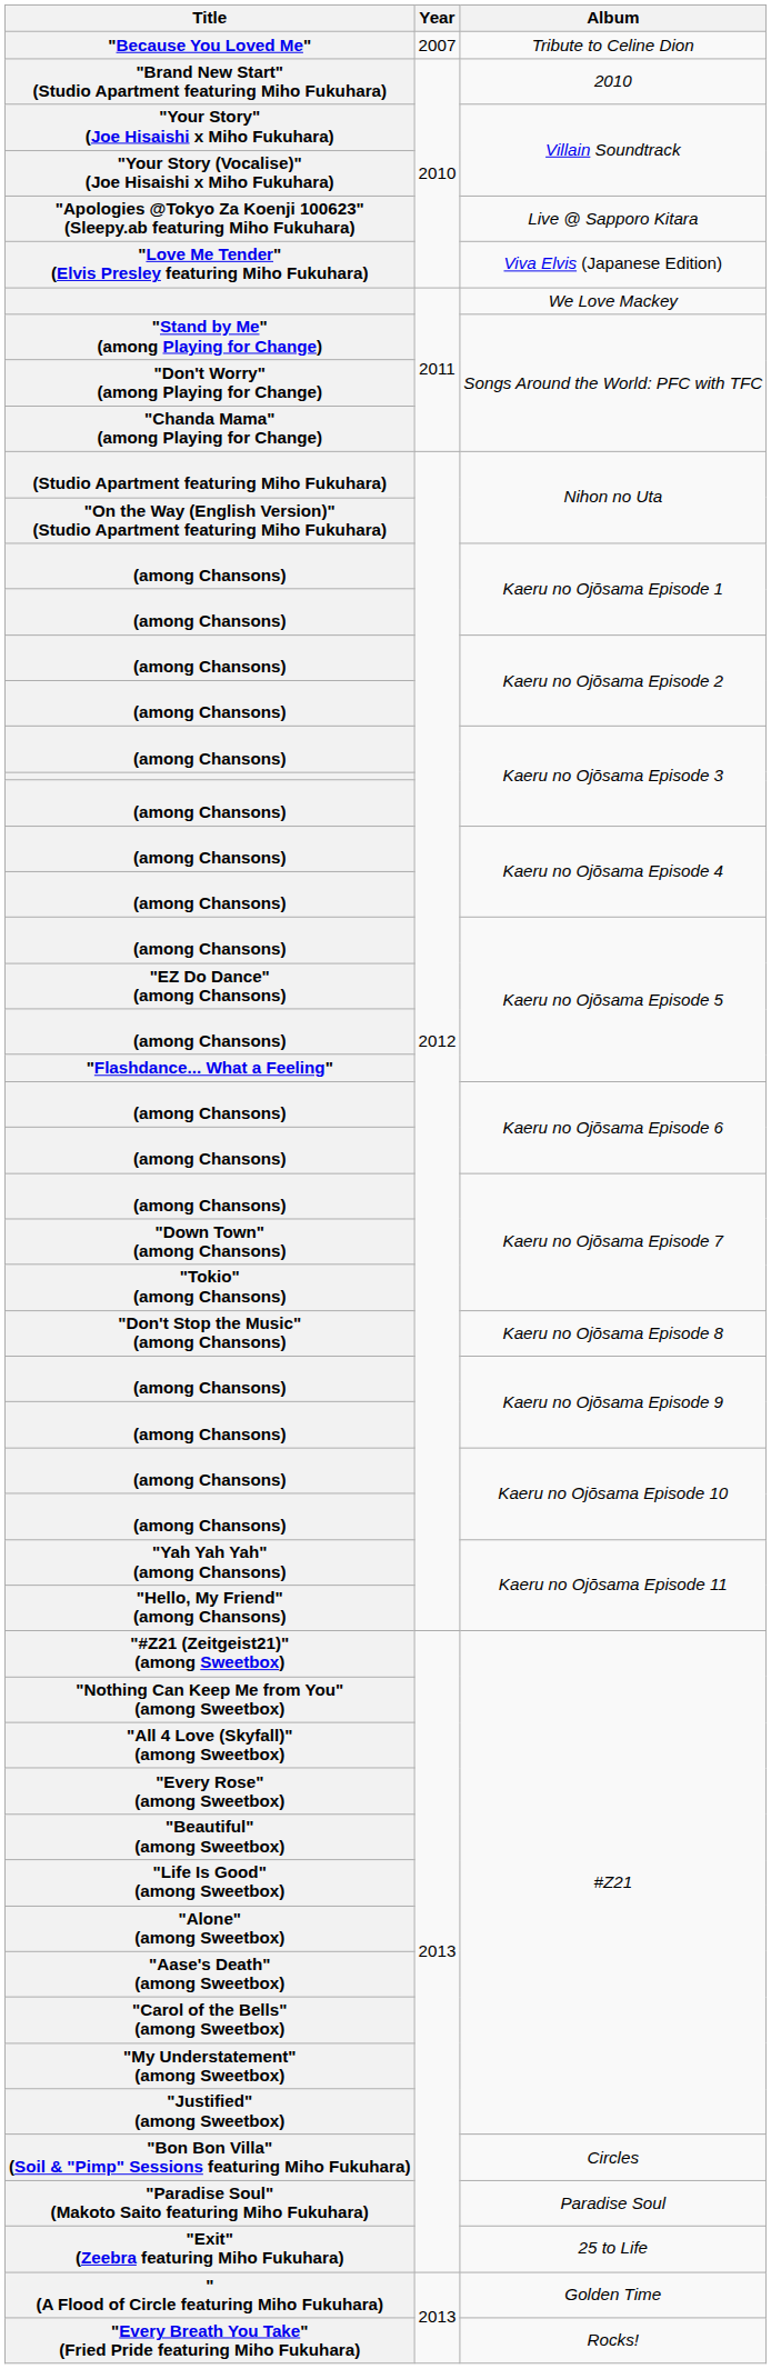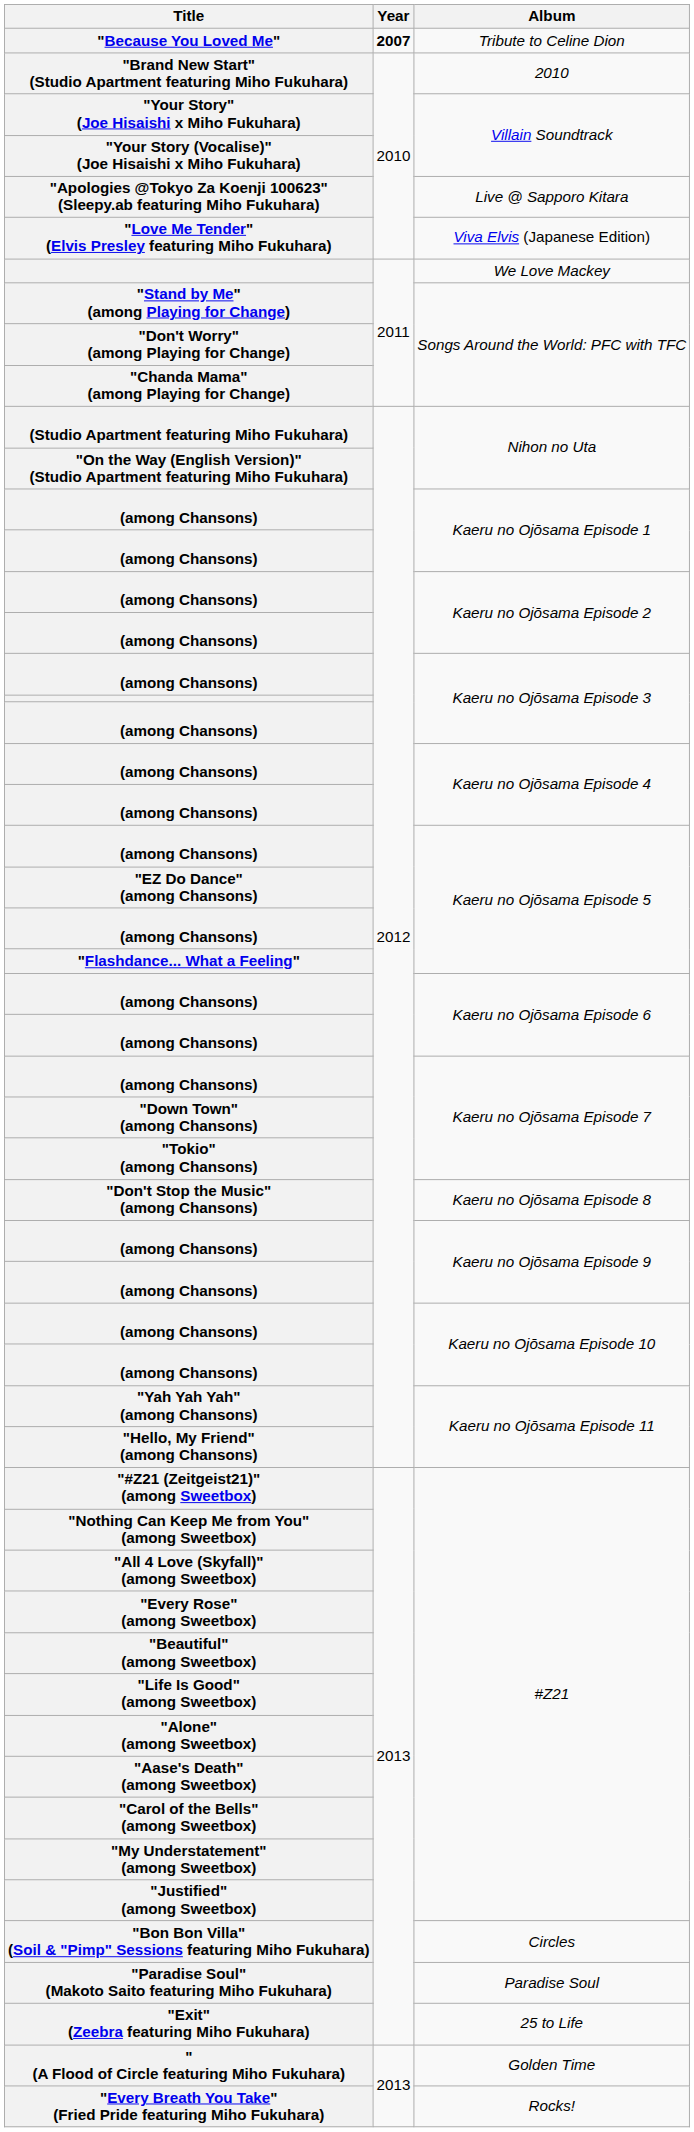 <table class="wikitable plainrowheaders" style="text-align:center;">
 <tr>
 <th scope="col">Title</th>
 <th scope="col">Year</th>
 <th scope="col">Album</th>
 </tr>
 <tr>
 <th scope="row">"<a href='#'>Because You Loved Me</a>"</th>
-<td>2007</td>
+<td><strong>2007</strong></td>
 <td><em>Tribute to Celine Dion</em></td>
 </tr>
 <tr>
 <th scope="row">"Brand New Start"<br><span>(Studio Apartment featuring Miho Fukuhara)</span></th>
 <td rowspan="5">2010</td>
 <td><em>2010</em></td>
 </tr>
 <tr>
 <th scope="row">"Your Story"<br><span>(<a href='#'>Joe Hisaishi</a> x Miho Fukuhara)</span></th>
 <td rowspan="2"><em><a href='#'>Villain</a> Soundtrack</em></td>
 </tr>
 <tr>
 <th scope="row">"Your Story (Vocalise)"<br><span>(Joe Hisaishi x Miho Fukuhara)</span></th>
 </tr>
 <tr>
 <th scope="row">"Apologies @Tokyo Za Koenji 100623"<br><span>(Sleepy.ab featuring Miho Fukuhara)</span></th>
 <td><em>Live @ Sapporo Kitara</em></td>
 </tr>
 <tr>
 <th scope="row">"<a href='#'>Love Me Tender</a>"<br><span>(<a href='#'>Elvis Presley</a> featuring Miho Fukuhara)</span></th>
 <td><em><a href='#'>Viva Elvis</a></em> <span>(Japanese Edition)</span></td>
 </tr>
 <tr>
 <th scope="row"></th>
 <td rowspan="4">2011</td>
 <td><em>We Love Mackey</em></td>
 </tr>
 <tr>
 <th scope="row">"<a href='#'>Stand by Me</a>"<br><span>(among <a href='#'>Playing for Change</a>)</span></th>
 <td rowspan="3"><em>Songs Around the World: PFC with TFC</em></td>
 </tr>
 <tr>
 <th scope="row">"Don't Worry"<br><span>(among Playing for Change)</span></th>
 </tr>
 <tr>
 <th scope="row">"Chanda Mama"<br><span>(among Playing for Change)</span></th>
 </tr>
 <tr>
 <th scope="row"><br><span>(Studio Apartment featuring Miho Fukuhara)</span></th>
 <td rowspan="27">2012</td>
 <td rowspan="2"><em>Nihon no Uta</em></td>
 </tr>
 <tr>
 <th scope="row">"On the Way (English Version)"<br><span>(Studio Apartment featuring Miho Fukuhara)</span></th>
 </tr>
 <tr>
 <th scope="row"><br><span>(among Chansons)</span></th>
 <td rowspan="2"><em>Kaeru no Ojōsama Episode 1</em></td>
 </tr>
 <tr>
 <th scope="row"><br><span>(among Chansons)</span></th>
 </tr>
 <tr>
 <th scope="row"><br><span>(among Chansons)</span></th>
 <td rowspan="2"><em>Kaeru no Ojōsama Episode 2</em></td>
 </tr>
 <tr>
 <th scope="row"><br><span>(among Chansons)</span></th>
 </tr>
 <tr>
 <th scope="row"><br><span>(among Chansons)</span></th>
 <td rowspan="3"><em>Kaeru no Ojōsama Episode 3</em></td>
 </tr>
 <tr>
 <th scope="row"></th>
 </tr>
 <tr>
 <th scope="row"><br><span>(among Chansons)</span></th>
 </tr>
 <tr>
 <th scope="row"><br><span>(among Chansons)</span></th>
 <td rowspan="2"><em>Kaeru no Ojōsama Episode 4</em></td>
 </tr>
 <tr>
 <th scope="row"><br><span>(among Chansons)</span></th>
 </tr>
 <tr>
 <th scope="row"><br><span>(among Chansons)</span></th>
 <td rowspan="4"><em>Kaeru no Ojōsama Episode 5</em></td>
 </tr>
 <tr>
 <th scope="row">"EZ Do Dance"<br><span>(among Chansons)</span></th>
 </tr>
 <tr>
 <th scope="row"><br><span>(among Chansons)</span></th>
 </tr>
 <tr>
 <th scope="row">"<a href='#'>Flashdance... What a Feeling</a>"</th>
 </tr>
 <tr>
 <th scope="row"><br><span>(among Chansons)</span></th>
 <td rowspan="2"><em>Kaeru no Ojōsama Episode 6</em></td>
 </tr>
 <tr>
 <th scope="row"><br><span>(among Chansons)</span></th>
 </tr>
 <tr>
 <th scope="row"><br><span>(among Chansons)</span></th>
 <td rowspan="3"><em>Kaeru no Ojōsama Episode 7</em></td>
 </tr>
 <tr>
 <th scope="row">"Down Town"<br><span>(among Chansons)</span></th>
 </tr>
 <tr>
 <th scope="row">"Tokio"<br><span>(among Chansons)</span></th>
 </tr>
 <tr>
 <th scope="row">"Don't Stop the Music"<br><span>(among Chansons)</span></th>
 <td rowspan="1"><em>Kaeru no Ojōsama Episode 8</em></td>
 </tr>
 <tr>
 <th scope="row"><br><span>(among Chansons)</span></th>
 <td rowspan="2"><em>Kaeru no Ojōsama Episode 9</em></td>
 </tr>
 <tr>
 <th scope="row"><br><span>(among Chansons)</span></th>
 </tr>
 <tr>
 <th scope="row"><br><span>(among Chansons)</span></th>
 <td rowspan="2"><em>Kaeru no Ojōsama Episode 10</em></td>
 </tr>
 <tr>
 <th scope="row"><br><span>(among Chansons)</span></th>
 </tr>
 <tr>
 <th scope="row">"Yah Yah Yah"<br><span>(among Chansons)</span></th>
 <td rowspan="2"><em>Kaeru no Ojōsama Episode 11</em></td>
 </tr>
 <tr>
 <th scope="row">"Hello, My Friend"<br><span>(among Chansons)</span></th>
 </tr>
 <tr>
 <th scope="row">"#Z21 (Zeitgeist21)"<br><span>(among <a href='#'>Sweetbox</a>)</span></th>
 <td rowspan="14">2013</td>
 <td rowspan="11"><em>#Z21</em></td>
 </tr>
 <tr>
 <th scope="row">"Nothing Can Keep Me from You"<br><span>(among Sweetbox)</span></th>
 </tr>
 <tr>
 <th scope="row">"All 4 Love (Skyfall)"<br><span>(among Sweetbox)</span></th>
 </tr>
 <tr>
 <th scope="row">"Every Rose"<br><span>(among Sweetbox)</span></th>
 </tr>
 <tr>
 <th scope="row">"Beautiful"<br><span>(among Sweetbox)</span></th>
 </tr>
 <tr>
 <th scope="row">"Life Is Good"<br><span>(among Sweetbox)</span></th>
 </tr>
 <tr>
 <th scope="row">"Alone"<br><span>(among Sweetbox)</span></th>
 </tr>
 <tr>
 <th scope="row">"Aase's Death"<br><span>(among Sweetbox)</span></th>
 </tr>
 <tr>
 <th scope="row">"Carol of the Bells"<br><span>(among Sweetbox)</span></th>
 </tr>
 <tr>
 <th scope="row">"My Understatement"<br><span>(among Sweetbox)</span></th>
 </tr>
 <tr>
 <th scope="row">"Justified"<br><span>(among Sweetbox)</span></th>
 </tr>
 <tr>
 <th scope="row">"Bon Bon Villa"<br><span>(<a href='#'>Soil & "Pimp" Sessions</a> featuring Miho Fukuhara)</span></th>
 <td><em>Circles</em></td>
 </tr>
 <tr>
 <th scope="row">"Paradise Soul"<br><span>(Makoto Saito featuring Miho Fukuhara)</span></th>
 <td><em>Paradise Soul</em></td>
 </tr>
 <tr>
 <th scope="row">"Exit"<br><span>(<a href='#'>Zeebra</a> featuring Miho Fukuhara)</span></th>
 <td><em>25 to Life</em></td>
 </tr>
 <tr>
 <th scope="row">"<br><span>(A Flood of Circle featuring Miho Fukuhara)</span></th>
 <td rowspan="2">2013</td>
 <td><em>Golden Time</em></td>
 </tr>
 <tr>
 <th scope="row">"<a href='#'>Every Breath You Take</a>"<br><span>(Fried Pride featuring Miho Fukuhara)</span></th>
 <td><em>Rocks!</em></td>
 </tr>
 </table>
